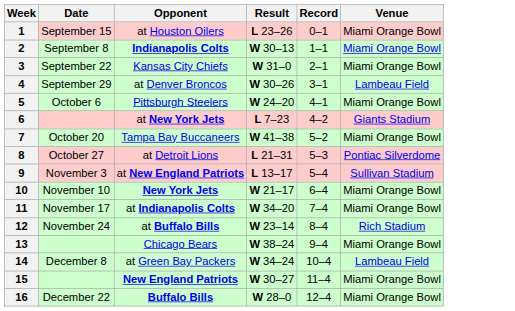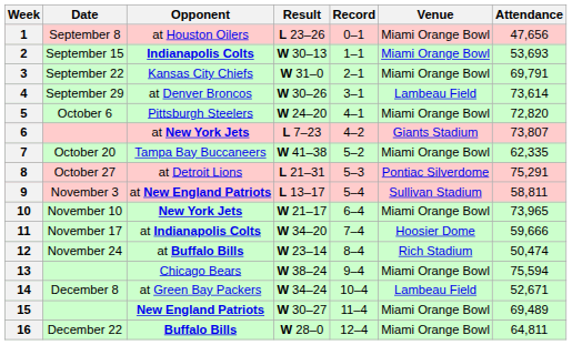 <table class="wikitable" style="text-align:center">
 <tr>
 <th>Week</th>
 <th>Date</th>
 <th>Opponent</th>
 <th>Result</th>
 <th>Record</th>
 <th>Venue</th>
+<th>Attendance</th>
 </tr>
 <tr style="background:#fcc">
 <th>1</th>
-<td>September 15</td>
+<td>September 8</td>
 <td>at <a href='#'>Houston Oilers</a></td>
 <td><strong>L</strong> 23–26</td>
 <td>0–1</td>
 <td>Miami Orange Bowl</td>
+<td>47,656</td>
 </tr>
 <tr style="background:#cfc">
 <th>2</th>
-<td>September 8</td>
+<td>September 15</td>
 <td><strong><a href='#'>Indianapolis Colts</a></strong></td>
 <td><strong>W</strong> 30–13</td>
 <td>1–1</td>
 <td><a href='#'>Miami Orange Bowl</a></td>
+<td>53,693</td>
 </tr>
 <tr style="background:#cfc">
 <th>3</th>
 <td>September 22</td>
 <td><a href='#'>Kansas City Chiefs</a></td>
 <td><strong>W</strong> 31–0</td>
 <td>2–1</td>
 <td>Miami Orange Bowl</td>
+<td>69,791</td>
 </tr>
 <tr style="background:#cfc">
 <th>4</th>
 <td>September 29</td>
 <td>at <a href='#'>Denver Broncos</a></td>
 <td><strong>W</strong> 30–26</td>
 <td>3–1</td>
 <td><a href='#'>Lambeau Field</a></td>
+<td>73,614</td>
 </tr>
 <tr style="background:#cfc">
 <th>5</th>
 <td>October 6</td>
 <td><a href='#'>Pittsburgh Steelers</a></td>
 <td><strong>W</strong> 24–20</td>
 <td>4–1</td>
 <td>Miami Orange Bowl</td>
+<td>72,820</td>
 </tr>
 <tr style="background:#fcc">
 <th>6</th>
 <td></td>
 <td>at <strong><a href='#'>New York Jets</a></strong></td>
 <td><strong>L</strong> 7–23</td>
 <td>4–2</td>
 <td><a href='#'>Giants Stadium</a></td>
+<td>73,807</td>
 </tr>
 <tr style="background:#cfc">
 <th>7</th>
 <td>October 20</td>
 <td><a href='#'>Tampa Bay Buccaneers</a></td>
 <td><strong>W</strong> 41–38</td>
 <td>5–2</td>
 <td>Miami Orange Bowl</td>
+<td>62,335</td>
 </tr>
 <tr style="background:#fcc">
 <th>8</th>
 <td>October 27</td>
 <td>at <a href='#'>Detroit Lions</a></td>
 <td><strong>L</strong> 21–31</td>
 <td>5–3</td>
 <td><a href='#'>Pontiac Silverdome</a></td>
+<td>75,291</td>
 </tr>
 <tr style="background:#fcc">
 <th>9</th>
 <td>November 3</td>
 <td>at <strong><a href='#'>New England Patriots</a></strong></td>
 <td><strong>L</strong> 13–17</td>
 <td>5–4</td>
 <td><a href='#'>Sullivan Stadium</a></td>
+<td>58,811</td>
 </tr>
 <tr style="background:#cfc">
 <th>10</th>
 <td>November 10</td>
 <td><strong><a href='#'>New York Jets</a></strong></td>
 <td><strong>W</strong> 21–17</td>
 <td>6–4</td>
 <td>Miami Orange Bowl</td>
+<td>73,965</td>
 </tr>
 <tr style="background:#cfc">
 <th>11</th>
 <td>November 17</td>
 <td>at <strong><a href='#'>Indianapolis Colts</a></strong></td>
 <td><strong>W</strong> 34–20</td>
 <td>7–4</td>
-<td>Miami Orange Bowl</td>
+<td><a href='#'>Hoosier Dome</a></td>
+<td>59,666</td>
 </tr>
 <tr style="background:#cfc">
 <th>12</th>
 <td>November 24</td>
 <td>at <strong><a href='#'>Buffalo Bills</a></strong></td>
 <td><strong>W</strong> 23–14</td>
 <td>8–4</td>
 <td><a href='#'>Rich Stadium</a></td>
+<td>50,474</td>
 </tr>
 <tr style="background:#cfc">
 <th>13</th>
 <td></td>
 <td><a href='#'>Chicago Bears</a></td>
 <td><strong>W</strong> 38–24</td>
 <td>9–4</td>
 <td>Miami Orange Bowl</td>
+<td>75,594</td>
 </tr>
 <tr style="background:#cfc">
 <th>14</th>
 <td>December 8</td>
 <td>at <a href='#'>Green Bay Packers</a></td>
 <td><strong>W</strong> 34–24</td>
 <td>10–4</td>
 <td><a href='#'>Lambeau Field</a></td>
+<td>52,671</td>
 </tr>
 <tr style="background:#cfc">
 <th>15</th>
 <td></td>
 <td><strong><a href='#'>New England Patriots</a></strong></td>
 <td><strong>W</strong> 30–27</td>
 <td>11–4</td>
 <td>Miami Orange Bowl</td>
+<td>69,489</td>
 </tr>
 <tr style="background:#cfc">
 <th>16</th>
 <td>December 22</td>
 <td><strong><a href='#'>Buffalo Bills</a></strong></td>
 <td><strong>W</strong> 28–0</td>
 <td>12–4</td>
 <td>Miami Orange Bowl</td>
+<td>64,811</td>
 </tr>
 </table>
